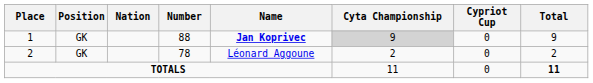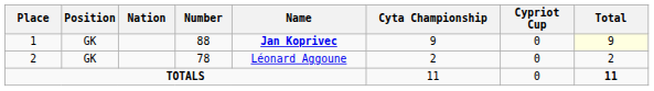 <table class="wikitable" style="font-size: 95%; text-align: center;">
 <tr>
 <th width=60>Place</th>
 <th width=60>Position</th>
 <th width=60>Nation</th>
 <th width=60>Number</th>
 <th width=150>Name</th>
 <th width=150>Cyta Championship</th>
 <th width=80>Cypriot Cup</th>
 <th width=80><strong>Total</strong></th>
 </tr>
 <tr>
 <td>1</td>
 <td>GK</td>
 <td></td>
 <td>88</td>
 <td><strong><a href='#'>Jan Koprivec</a></strong></td>
-<td style="background: lightgrey;">9</td>
+<td>9</td>
 <td>0</td>
-<td>9</td>
+<td style="background: lightyellow;">9</td>
 </tr>
 <tr>
 <td>2</td>
 <td>GK</td>
 <td></td>
 <td>78</td>
 <td><a href='#'>Léonard Aggoune</a></td>
 <td>2</td>
 <td>0</td>
 <td>2</td>
 </tr>
 <tr>
 <td colspan="5"><strong>TOTALS</strong></td>
 <td>11</td>
 <td>0</td>
 <td><strong>11</strong></td>
 </tr>
 </table>
